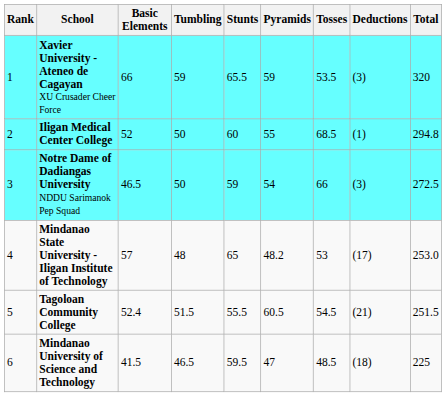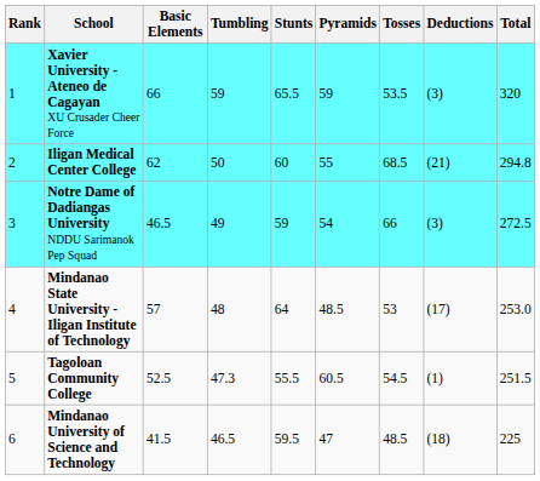 <table class="wikitable" style="text align: center">
 <tr bgcolor="#efefef">
 <th>Rank</th>
 <th>School</th>
 <th>Basic Elements</th>
 <th>Tumbling</th>
 <th>Stunts</th>
 <th>Pyramids</th>
 <th>Tosses</th>
 <th>Deductions</th>
 <th>Total</th>
 </tr>
 <tr bgcolor="66FFFF">
 <td>1</td>
 <td><strong>Xavier University - Ateneo de Cagayan</strong> <br> <small>XU Crusader Cheer Force</small></td>
 <td>66</td>
 <td>59</td>
 <td>65.5</td>
 <td>59</td>
 <td>53.5</td>
 <td>(3)</td>
 <td>320</td>
 </tr>
 <tr bgcolor="66FFFF">
 <td>2</td>
 <td><strong>Iligan Medical Center College</strong> <br> <small></small></td>
-<td>52</td>
+<td>62</td>
 <td>50</td>
 <td>60</td>
 <td>55</td>
 <td>68.5</td>
-<td>(1)</td>
+<td>(21)</td>
 <td>294.8</td>
 </tr>
 <tr bgcolor="66FFFF">
 <td>3</td>
 <td><strong>Notre Dame of Dadiangas University</strong> <br> <small>NDDU Sarimanok Pep Squad</small></td>
 <td>46.5</td>
-<td>50</td>
+<td>49</td>
 <td>59</td>
 <td>54</td>
 <td>66</td>
 <td>(3)</td>
 <td>272.5</td>
 </tr>
 <tr>
 <td>4</td>
 <td><strong>Mindanao State University - Iligan Institute of Technology</strong> <br> <small></small></td>
 <td>57</td>
 <td>48</td>
-<td>65</td>
-<td>48.2</td>
+<td>64</td>
+<td>48.5</td>
 <td>53</td>
 <td>(17)</td>
 <td>253.0</td>
 </tr>
 <tr>
 <td>5</td>
 <td><strong> Tagoloan Community College </strong> <br> <small>  </small></td>
-<td>52.4</td>
-<td>51.5</td>
+<td>52.5</td>
+<td>47.3</td>
 <td>55.5</td>
 <td>60.5</td>
 <td>54.5</td>
-<td>(21)</td>
+<td>(1)</td>
 <td>251.5</td>
 </tr>
 <tr>
 <td>6</td>
 <td><strong> Mindanao University of Science and Technology </strong> <br> <small>  </small></td>
 <td>41.5</td>
 <td>46.5</td>
 <td>59.5</td>
 <td>47</td>
 <td>48.5</td>
 <td>(18)</td>
 <td>225</td>
 </tr>
 </table>
